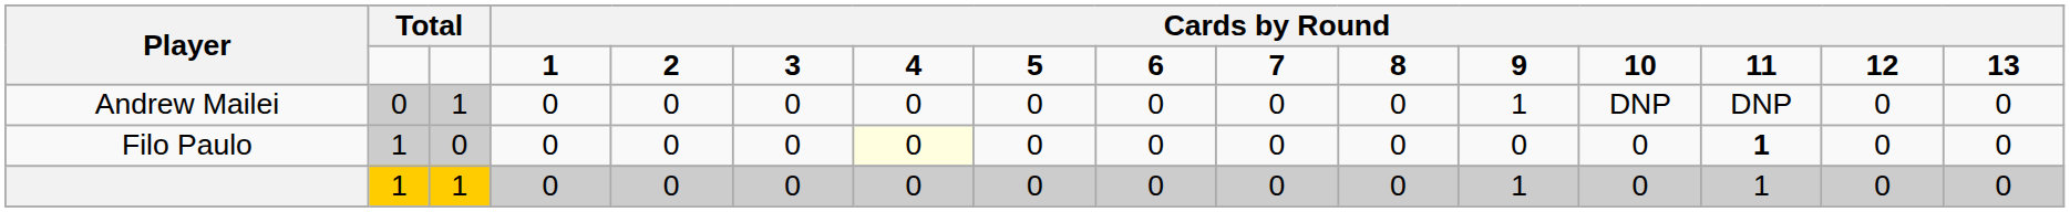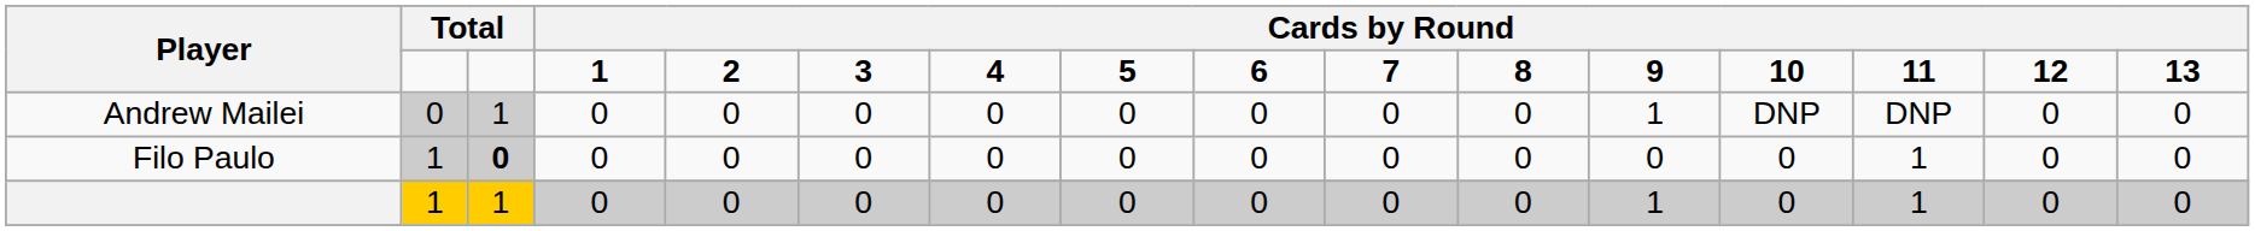 <table class="wikitable" style="text-align:center; line-height: 90%; font-size:90%;" width=80%>
 <tr>
 <th rowspan=2 width=12%>Player</th>
 <th colspan=2 width=5%>Total</th>
 <th colspan=13>Cards by Round</th>
 </tr>
 <tr>
 <td width=2%></td>
 <td width=2%></td>
 <td width=4%><strong>1</strong></td>
 <td width=4%><strong>2</strong></td>
 <td width=4%><strong>3</strong></td>
 <td width=4%><strong>4</strong></td>
 <td width=4%><strong>5</strong></td>
 <td width=4%><strong>6</strong></td>
 <td width=4%><strong>7</strong></td>
 <td width=4%><strong>8</strong></td>
 <td width=4%><strong>9</strong></td>
 <td width=4%><strong>10</strong></td>
 <td width=4%><strong>11</strong></td>
 <td width=4%><strong>12</strong></td>
 <td width=4%><strong>13</strong></td>
 </tr>
 <tr>
 <td>Andrew Mailei</td>
 <td bgcolor=#cccccc>0</td>
 <td bgcolor=#cccccc>1</td>
 <td>0</td>
 <td>0</td>
 <td>0</td>
 <td>0</td>
 <td>0</td>
 <td>0</td>
 <td>0</td>
 <td>0</td>
 <td>1 </td>
 <td>DNP</td>
 <td>DNP</td>
 <td>0</td>
 <td>0</td>
 </tr>
 <tr>
 <td>Filo Paulo</td>
 <td bgcolor=#cccccc>1</td>
-<td bgcolor=#cccccc>0</td>
-<td>0</td>
-<td>0</td>
-<td>0</td>
-<td style="background: lightyellow;">0</td>
+<td bgcolor=#cccccc><strong>0</strong></td>
 <td>0</td>
 <td>0</td>
 <td>0</td>
 <td>0</td>
 <td>0</td>
 <td>0</td>
-<td><strong>1 </strong></td>
+<td>0</td>
+<td>0</td>
+<td>0</td>
+<td>0</td>
+<td>1 </td>
 <td>0</td>
 <td>0</td>
 </tr>
 <tr>
 <th></th>
 <td bgcolor=#ffcc00>1</td>
 <td bgcolor=#ffcc00>1</td>
 <td bgcolor=#cccccc>0</td>
 <td bgcolor=#cccccc>0</td>
 <td bgcolor=#cccccc>0</td>
 <td bgcolor=#cccccc>0</td>
 <td bgcolor=#cccccc>0</td>
 <td bgcolor=#cccccc>0</td>
 <td bgcolor=#cccccc>0</td>
 <td bgcolor=#cccccc>0</td>
 <td bgcolor=#cccccc>1 </td>
 <td bgcolor=#cccccc>0</td>
 <td bgcolor=#cccccc>1 </td>
 <td bgcolor=#cccccc>0</td>
 <td bgcolor=#cccccc>0</td>
 </tr>
 </table>
